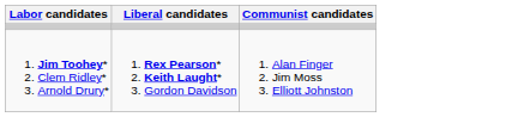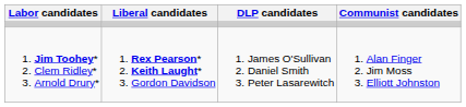 <table class="wikitable">
 <tr>
 <th><a href='#'>Labor</a> candidates</th>
 <th><a href='#'>Liberal</a> candidates</th>
+<th><a href='#'>DLP</a> candidates</th>
 <th><a href='#'>Communist</a> candidates</th>
 </tr>
 <tr bgcolor="#cccccc">
+<td></td>
 <td></td>
 <td></td>
 <td></td>
 </tr>
 <tr>
 <td><br><ol><li><strong><a href='#'>Jim Toohey</a></strong>*</li><li><a href='#'>Clem Ridley</a>*</li><li><a href='#'>Arnold Drury</a>*</li></ol></td>
 <td><br><ol><li><strong><a href='#'>Rex Pearson</a></strong>*</li><li><strong><a href='#'>Keith Laught</a></strong>*</li><li><a href='#'>Gordon Davidson</a></li></ol></td>
+<td valign=top><br><ol><li>James O'Sullivan</li><li>Daniel Smith</li><li>Peter Lasarewitch</li></ol></td>
 <td valign=top><br><ol><li><a href='#'>Alan Finger</a></li><li>Jim Moss</li><li><a href='#'>Elliott Johnston</a></li></ol></td>
 </tr>
 </table>
